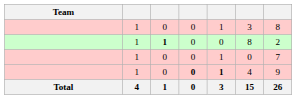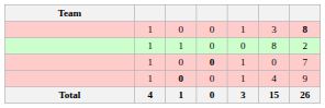 <table class="wikitable" style="font-size:95%; text-align:center">
 <tr>
 <th width=190>Team</th>
 <th width=40></th>
 <th width=40></th>
 <th width=40></th>
 <th width=40></th>
 <th width=40></th>
 <th width=40></th>
 </tr>
 <tr bgcolor=#FFCCCC>
 <td style="text-align:left;"></td>
 <td>1</td>
 <td>0</td>
 <td>0</td>
 <td>1</td>
 <td>3</td>
-<td>8</td>
+<td><strong>8</strong></td>
 </tr>
 <tr bgcolor=#CCFFCC>
 <td style="text-align:left;"></td>
 <td>1</td>
-<td><strong>1</strong></td>
+<td>1</td>
 <td>0</td>
 <td>0</td>
 <td>8</td>
 <td>2</td>
 </tr>
 <tr bgcolor=#FFCCCC>
 <td style="text-align:left;"></td>
 <td>1</td>
 <td>0</td>
-<td>0</td>
+<td><strong>0</strong></td>
 <td>1</td>
 <td>0</td>
 <td>7</td>
 </tr>
 <tr bgcolor=#FFCCCC>
 <td style="text-align:left;"></td>
 <td>1</td>
+<td><strong>0</strong></td>
 <td>0</td>
-<td><strong>0</strong></td>
-<td><strong>1</strong></td>
+<td>1</td>
 <td>4</td>
 <td>9</td>
 </tr>
 <tr>
 <th>Total</th>
 <th>4</th>
 <th>1</th>
 <th>0</th>
 <th>3</th>
 <th>15</th>
 <th>26</th>
 </tr>
 </table>
